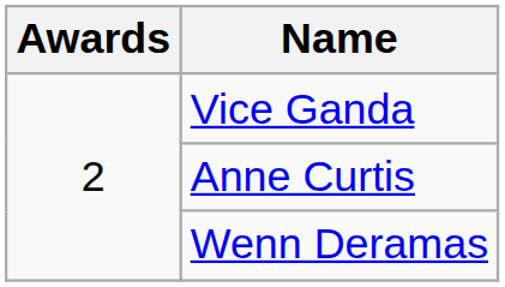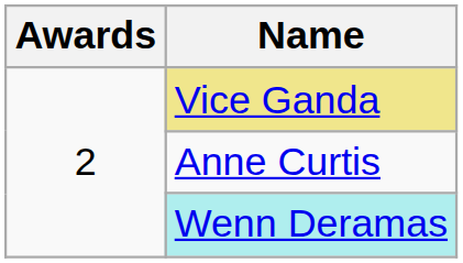 <table class="wikitable" style="text-align:center">
 <tr>
 <th scope="col">Awards</th>
 <th scope="col">Name</th>
 </tr>
 <tr>
 <td rowspan=3>2</td>
-<td align=left><a href='#'>Vice Ganda</a></td>
+<td align=left style="background: khaki;"><a href='#'>Vice Ganda</a></td>
 </tr>
 <tr>
 <td align=left><a href='#'>Anne Curtis</a></td>
 </tr>
 <tr>
-<td align=left><a href='#'>Wenn Deramas</a></td>
+<td align=left style="background: paleturquoise;"><a href='#'>Wenn Deramas</a></td>
 </tr>
 </table>
